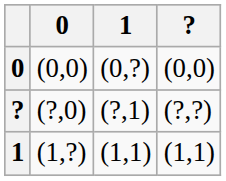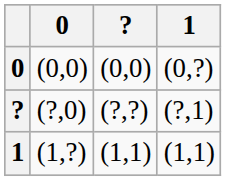 <table class="wikitable">
 <tr>
 <th></th>
 <th>0</th>
+<th>?</th>
 <th>1</th>
-<th>?</th>
 </tr>
 <tr>
 <th>0</th>
 <td>(0,0)</td>
+<td>(0,0)</td>
 <td>(0,?)</td>
-<td>(0,0)</td>
 </tr>
 <tr>
 <th>?</th>
 <td>(?,0)</td>
+<td>(?,?)</td>
 <td>(?,1)</td>
-<td>(?,?)</td>
 </tr>
 <tr>
 <th>1</th>
 <td>(1,?)</td>
 <td>(1,1)</td>
 <td>(1,1)</td>
 </tr>
 </table>
